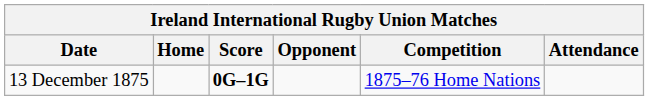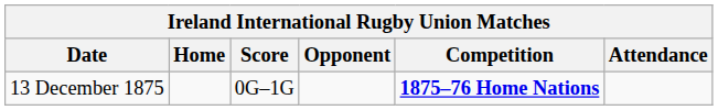 <table class="wikitable" style="font-size: 95%;text-align: center;">
 <tr>
 <th colspan=6>Ireland International Rugby Union Matches</th>
 </tr>
 <tr>
 <th>Date</th>
 <th>Home</th>
 <th>Score</th>
 <th>Opponent</th>
 <th>Competition</th>
 <th>Attendance</th>
 </tr>
 <tr>
 <td>13 December 1875</td>
 <td></td>
-<td><strong>0G–1G</strong></td>
+<td>0G–1G</td>
 <td><strong></strong></td>
-<td><a href='#'>1875–76 Home Nations</a></td>
+<td><strong><a href='#'>1875–76 Home Nations</a></strong></td>
 <td></td>
 </tr>
 </table>
